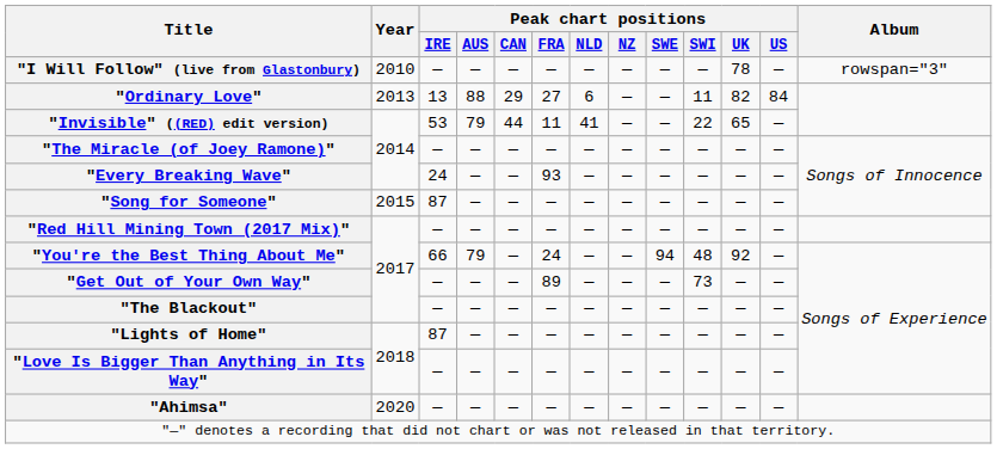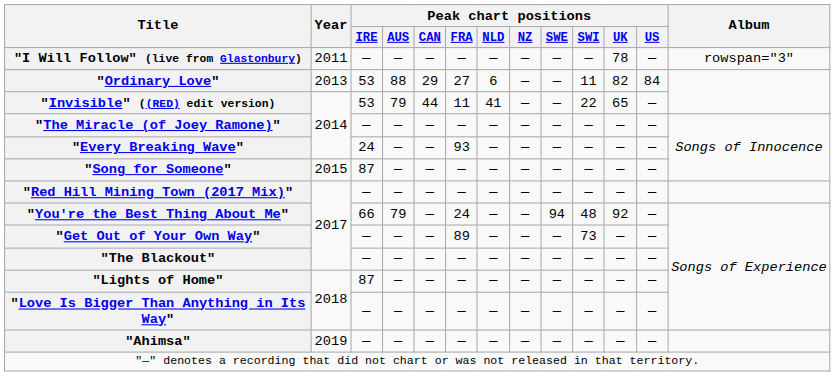 <table class="wikitable plainrowheaders" style="text-align:center;" border="1">
 <tr>
 <th scope="col" rowspan="2" style="width:22em;">Title</th>
 <th scope="col" rowspan="2">Year</th>
 <th scope="col" colspan="10">Peak chart positions</th>
 <th scope="col" rowspan="2">Album</th>
 </tr>
 <tr>
 <th scope="col" style="width:2.1em;font-size:90%;"><a href='#'>IRE</a><br></th>
 <th scope="col" style="width:2.1em;font-size:90%;"><a href='#'>AUS</a><br></th>
 <th scope="col" style="width:2.1em;font-size:90%;"><a href='#'>CAN</a><br></th>
 <th scope="col" style="width:2.1em;font-size:90%;"><a href='#'>FRA</a><br></th>
 <th scope="col" style="width:2.1em;font-size:90%;"><a href='#'>NLD</a><br></th>
 <th scope="col" style="width:2.1em;font-size:90%;"><a href='#'>NZ</a><br></th>
 <th scope="col" style="width:2.1em;font-size:90%;"><a href='#'>SWE</a><br></th>
 <th scope="col" style="width:2.1em;font-size:90%;"><a href='#'>SWI</a><br></th>
 <th scope="col" style="width:2.1em;font-size:90%;"><a href='#'>UK</a><br></th>
 <th scope="col" style="width:2.1em;font-size:90%;"><a href='#'>US</a><br></th>
 </tr>
 <tr>
 <th scope="row">"I Will Follow" <small>(live from <a href='#'>Glastonbury</a>)</small></th>
-<td>2010</td>
+<td>2011</td>
 <td>—</td>
 <td>—</td>
 <td>—</td>
 <td>—</td>
 <td>—</td>
 <td>—</td>
 <td>—</td>
 <td>—</td>
 <td>78</td>
 <td>—</td>
 <td>rowspan="3" </td>
 </tr>
 <tr>
 <th scope="row">"<a href='#'>Ordinary Love</a>"</th>
 <td>2013</td>
-<td>13</td>
+<td>53</td>
 <td>88</td>
 <td>29</td>
 <td>27</td>
 <td>6</td>
 <td>—</td>
 <td>—</td>
 <td>11</td>
 <td>82</td>
 <td>84</td>
 </tr>
 <tr>
 <th scope="row">"<a href='#'>Invisible</a>" <small>(<a href='#'>(RED)</a> edit version)</small></th>
 <td rowspan="3">2014</td>
 <td>53</td>
 <td>79</td>
 <td>44</td>
 <td>11</td>
 <td>41</td>
 <td>—</td>
 <td>—</td>
 <td>22</td>
 <td>65</td>
 <td>—</td>
 </tr>
 <tr>
 <th scope="row">"<a href='#'>The Miracle (of Joey Ramone)</a>"</th>
 <td>—</td>
 <td>—</td>
 <td>—</td>
 <td>—</td>
 <td>—</td>
 <td>—</td>
 <td>—</td>
 <td>—</td>
 <td>—</td>
 <td>—</td>
 <td rowspan="3"><em>Songs of Innocence</em></td>
 </tr>
 <tr>
 <th scope="row">"<a href='#'>Every Breaking Wave</a>"</th>
 <td>24</td>
 <td>—</td>
 <td>—</td>
 <td>93</td>
 <td>—</td>
 <td>—</td>
 <td>—</td>
 <td>—</td>
 <td>—</td>
 <td>—</td>
 </tr>
 <tr>
 <th scope="row">"<a href='#'>Song for Someone</a>"</th>
 <td>2015</td>
 <td>87</td>
 <td>—</td>
 <td>—</td>
 <td>—</td>
 <td>—</td>
 <td>—</td>
 <td>—</td>
 <td>—</td>
 <td>—</td>
 <td>—</td>
 </tr>
 <tr>
 <th scope="row">"<a href='#'>Red Hill Mining Town (2017 Mix)</a>"</th>
 <td rowspan="4">2017</td>
 <td>—</td>
 <td>—</td>
 <td>—</td>
 <td>—</td>
 <td>—</td>
 <td>—</td>
 <td>—</td>
 <td>—</td>
 <td>—</td>
 <td>—</td>
 <td></td>
 </tr>
 <tr>
 <th scope="row">"<a href='#'>You're the Best Thing About Me</a>"</th>
 <td>66</td>
 <td>79</td>
 <td>—</td>
 <td>24</td>
 <td>—</td>
 <td>—</td>
 <td>94</td>
 <td>48</td>
 <td>92</td>
 <td>—</td>
 <td rowspan="5"><em>Songs of Experience</em></td>
 </tr>
 <tr>
 <th scope="row">"<a href='#'>Get Out of Your Own Way</a>"</th>
 <td>—</td>
 <td>—</td>
 <td>—</td>
 <td>89</td>
 <td>—</td>
 <td>—</td>
 <td>—</td>
 <td>73</td>
 <td>—</td>
 <td>—</td>
 </tr>
 <tr>
 <th scope="row">"The Blackout"</th>
 <td>—</td>
 <td>—</td>
 <td>—</td>
 <td>—</td>
 <td>—</td>
 <td>—</td>
 <td>—</td>
 <td>—</td>
 <td>—</td>
 <td>—</td>
 </tr>
 <tr>
 <th scope="row">"Lights of Home"</th>
 <td rowspan="2">2018</td>
 <td>87</td>
 <td>—</td>
 <td>—</td>
 <td>—</td>
 <td>—</td>
 <td>—</td>
 <td>—</td>
 <td>—</td>
 <td>—</td>
 <td>—</td>
 </tr>
 <tr>
 <th scope="row">"<a href='#'>Love Is Bigger Than Anything in Its Way</a>"</th>
 <td>—</td>
 <td>—</td>
 <td>—</td>
 <td>—</td>
 <td>—</td>
 <td>—</td>
 <td>—</td>
 <td>—</td>
 <td>—</td>
 <td>—</td>
 </tr>
 <tr>
 <th scope="row">"Ahimsa" </th>
-<td>2020</td>
+<td>2019</td>
 <td>—</td>
 <td>—</td>
 <td>—</td>
 <td>—</td>
 <td>—</td>
 <td>—</td>
 <td>—</td>
 <td>—</td>
 <td>—</td>
 <td>—</td>
 <td></td>
 </tr>
 <tr>
 <td colspan="14" style="font-size:85%">"—" denotes a recording that did not chart or was not released in that territory.</td>
 </tr>
 </table>
